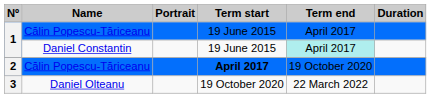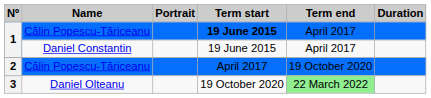 <table class="wikitable" style="text-align:center;">
 <tr>
 <th style="background:#ccc;">Nº</th>
 <th style="background:#ccc;">Name<br></th>
 <th style="background:#ccc;">Portrait</th>
 <th style="background:#ccc;">Term start</th>
 <th style="background:#ccc;">Term end</th>
 <th style="background:#ccc;">Duration</th>
 </tr>
 <tr style="background:#036ffc">
 <th rowspan="2">1</th>
 <td><a href='#'>Călin Popescu-Tăriceanu</a><br></td>
 <td></td>
-<td>19 June 2015</td>
+<td><strong>19 June 2015</strong></td>
 <td>April 2017</td>
 <td></td>
 </tr>
 <tr align="center">
 <td><a href='#'>Daniel Constantin</a><br></td>
 <td></td>
 <td>19 June 2015</td>
-<td style="background: paleturquoise;">April 2017</td>
+<td>April 2017</td>
 <td></td>
 </tr>
 <tr align="center">
 </tr>
 <tr style="background:#036ffc">
 <th>2</th>
 <td><a href='#'>Călin Popescu-Tăriceanu</a><br></td>
 <td></td>
-<td><strong>April 2017</strong></td>
+<td>April 2017</td>
 <td>19 October 2020</td>
 <td></td>
 </tr>
 <tr>
 <th>3</th>
 <td><a href='#'>Daniel Olteanu</a></td>
 <td></td>
 <td>19 October 2020</td>
-<td>22 March 2022</td>
+<td style="background: lightgreen;">22 March 2022</td>
 <td {{nowrap></td>
 </tr>
 </table>
